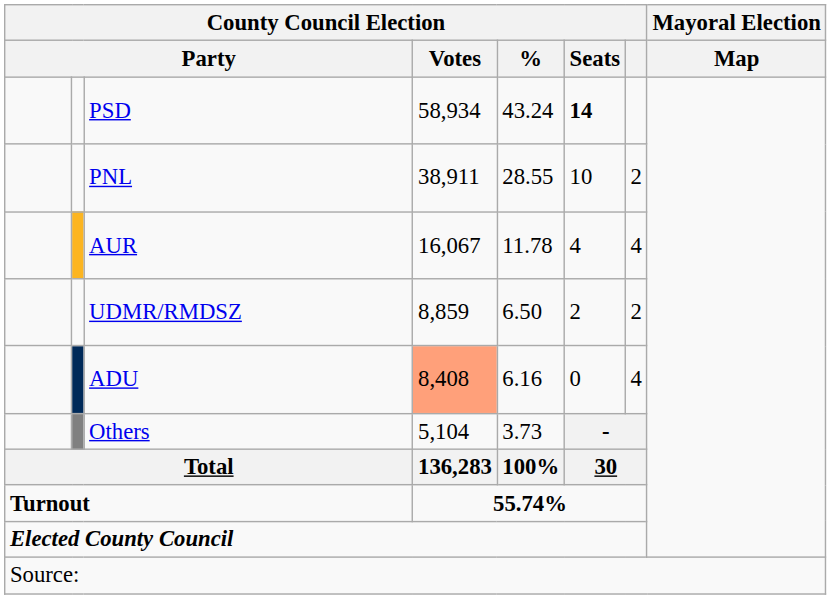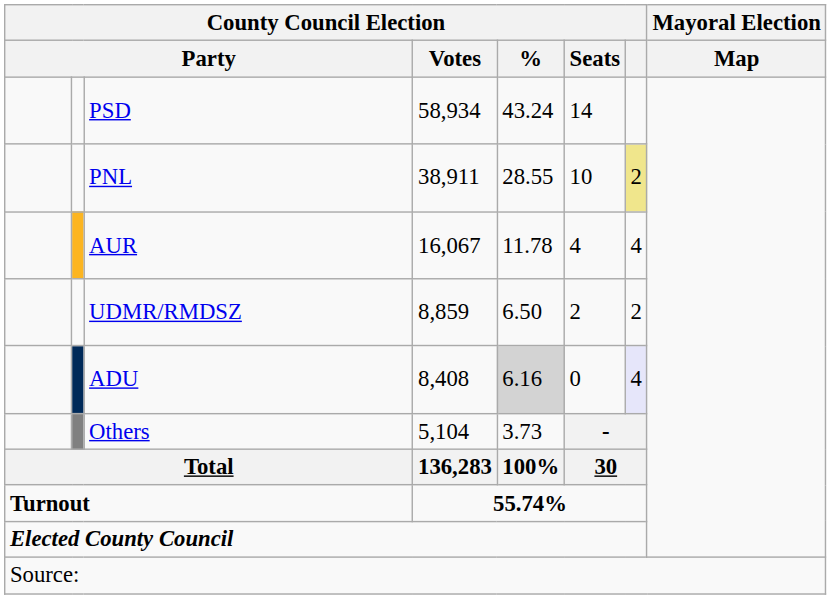 <table class="wikitable" style="text-align:left">
 <tr>
 <th colspan="7">County Council Election</th>
 <th>Mayoral Election</th>
 </tr>
 <tr>
 <th colspan="3" width="280">Party</th>
 <th>Votes</th>
 <th>%</th>
 <th>Seats</th>
 <th></th>
 <th>Map</th>
 </tr>
 <tr>
 <td width="40" height="40"></td>
 <td style="color:inherit;background:"></td>
 <td align="left"><a href='#'>PSD</a></td>
 <td>58,934</td>
 <td>43.24</td>
-<td><strong>14</strong></td>
+<td>14</td>
 <td></td>
 <td rowspan="9"></td>
 </tr>
 <tr>
 <td height="40"></td>
 <td width="1" style="color:inherit;background:"></td>
 <td align="left"><a href='#'>PNL</a></td>
 <td>38,911</td>
 <td>28.55</td>
 <td>10</td>
-<td>2</td>
+<td style="background: khaki;">2</td>
 </tr>
 <tr>
 <td height="40"></td>
 <td style="background:#FCB521;"></td>
 <td align="left"><a href='#'>AUR</a></td>
 <td>16,067</td>
 <td>11.78</td>
 <td>4</td>
 <td>4</td>
 </tr>
 <tr>
 <td height="40"></td>
 <td style="color:inherit;background:"></td>
 <td align="left"><a href='#'>UDMR/RMDSZ</a></td>
 <td>8,859</td>
 <td>6.50</td>
 <td>2</td>
 <td>2</td>
 </tr>
 <tr>
 <td height="40"></td>
 <td style="background:#002A59;"></td>
 <td align="left"><a href='#'>ADU</a></td>
-<td style="background: lightsalmon;">8,408</td>
-<td>6.16</td>
+<td>8,408</td>
+<td style="background: lightgrey;">6.16</td>
 <td>0</td>
-<td>4</td>
+<td style="background: lavender;">4</td>
 </tr>
 <tr>
 <td></td>
 <td style="background-color:Grey "></td>
 <td align="left"><a href='#'>Others</a></td>
 <td>5,104</td>
 <td>3.73</td>
 <th colspan="2">-</th>
 </tr>
 <tr>
 <th colspan="3"><strong><u>Total</u></strong></th>
 <th style="text-align:left">136,283</th>
 <th style="text-align:left">100%</th>
 <th colspan="2"><strong><u>30</u></strong></th>
 </tr>
 <tr>
 <td colspan="3"><strong>Turnout</strong></td>
 <td colspan="4" style="text-align: center"><strong>55.74%</strong></td>
 </tr>
 <tr>
 <td colspan="7"><strong><em>Elected County Council</em></strong></td>
 </tr>
 <tr>
 <td colspan="8">Source: </td>
 </tr>
 </table>
